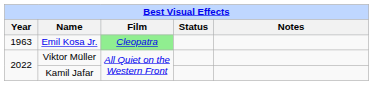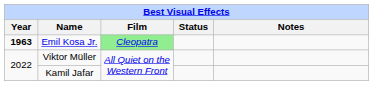 <table class="wikitable" style="text-align: center">
 <tr style="background:#bfd7ff;">
 <td colspan="6" style="text-align:center;"><strong><a href='#'>Best Visual Effects</a></strong></td>
 </tr>
 <tr style="background:#ebf5ff;">
 <th style="width:075px;">Year</th>
 <th style="width:200px;">Name</th>
 <th style="width:200px;">Film</th>
 <th style="width:080px;">Status</th>
 <th style="width:650px;">Notes</th>
 </tr>
 <tr>
-<td>1963</td>
+<td><strong>1963</strong></td>
 <td><a href='#'>Emil Kosa Jr.</a></td>
 <td style="background: lightgreen;"><em><a href='#'>Cleopatra</a></em></td>
 <td></td>
 <td></td>
 </tr>
 <tr>
 <td rowspan="2">2022</td>
 <td>Viktor Müller</td>
 <td rowspan="2"><em><a href='#'>All Quiet on the Western Front</a></em></td>
 <td></td>
 <td></td>
 </tr>
 <tr>
 <td>Kamil Jafar</td>
 <td></td>
 <td></td>
 </tr>
 </table>
